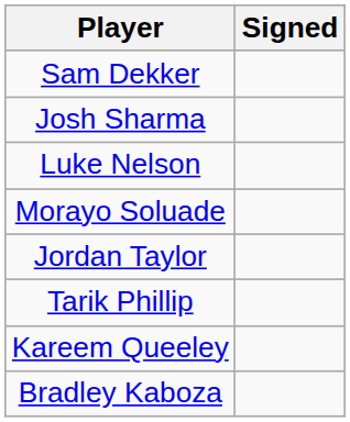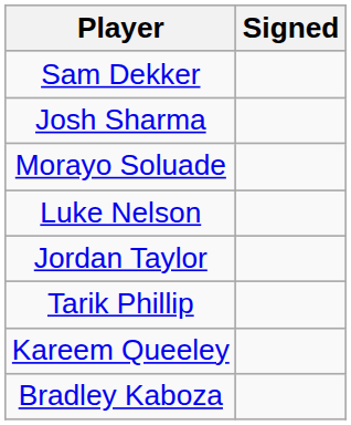 <table class="wikitable sortable sortable" style="text-align: center">
 <tr>
 <th>Player</th>
 <th>Signed</th>
 </tr>
 <tr>
 <td><a href='#'>Sam Dekker</a></td>
 <td></td>
 </tr>
 <tr>
 <td><a href='#'>Josh Sharma</a></td>
 <td></td>
 </tr>
 <tr>
-<td><a href='#'>Luke Nelson</a></td>
+<td><a href='#'>Morayo Soluade</a></td>
 <td></td>
 </tr>
 <tr>
-<td><a href='#'>Morayo Soluade</a></td>
+<td><a href='#'>Luke Nelson</a></td>
 <td></td>
 </tr>
 <tr>
 <td><a href='#'>Jordan Taylor</a></td>
 <td></td>
 </tr>
 <tr>
 <td><a href='#'>Tarik Phillip</a></td>
 <td></td>
 </tr>
 <tr>
 <td><a href='#'>Kareem Queeley</a></td>
 <td></td>
 </tr>
 <tr>
 <td><a href='#'>Bradley Kaboza</a></td>
 <td></td>
 </tr>
 </table>
